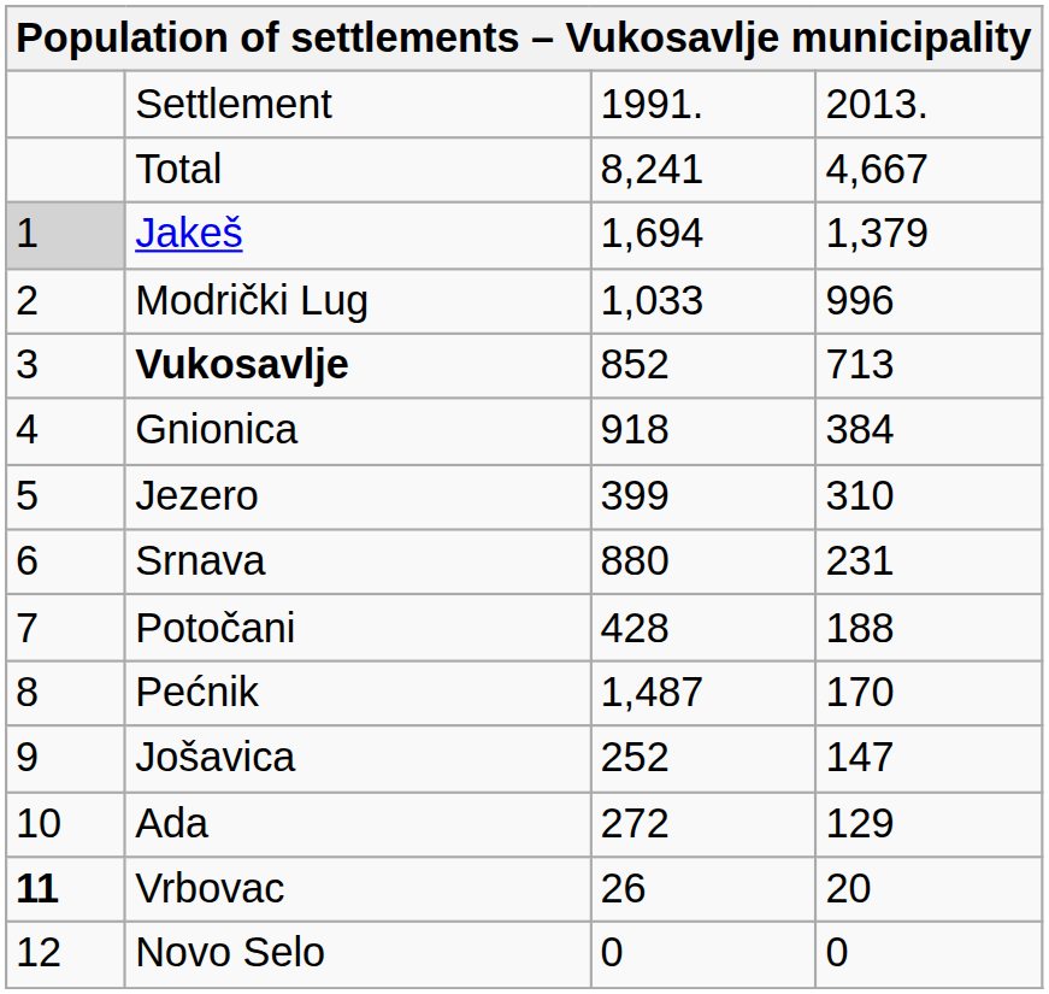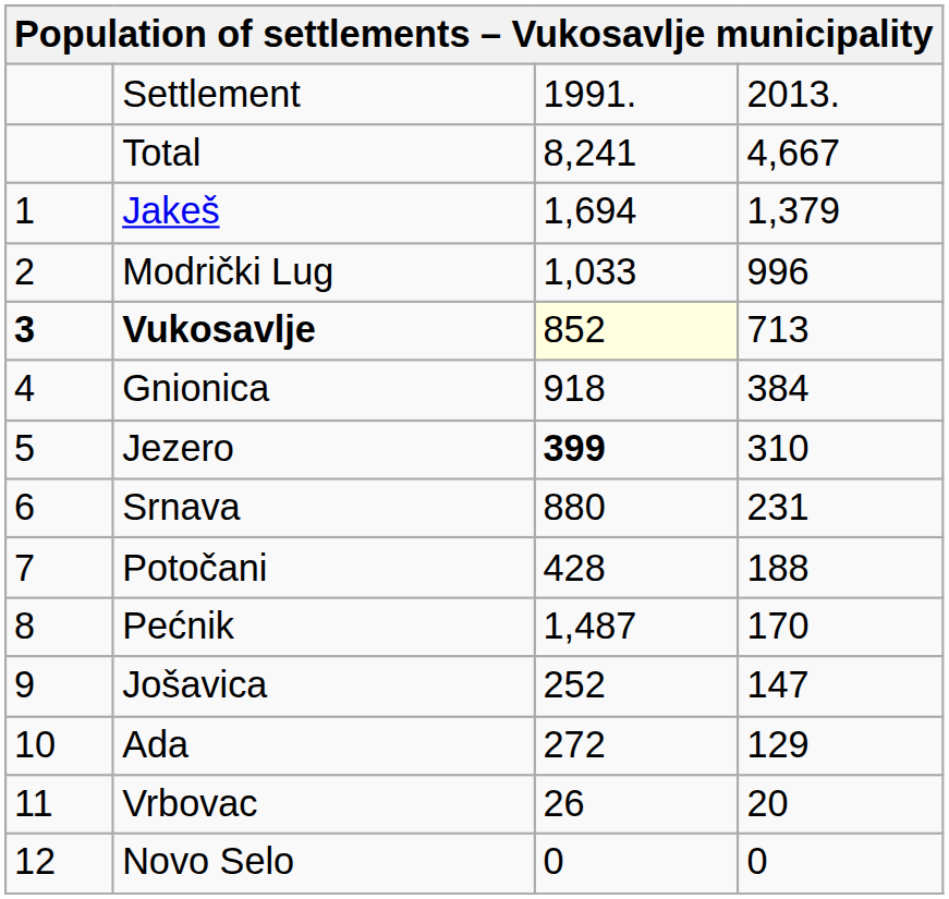 <table class="wikitable">
 <tr>
 <th colspan="4">Population of settlements – Vukosavlje municipality</th>
 </tr>
 <tr>
 <td></td>
 <td>Settlement</td>
 <td>1991.</td>
 <td>2013.</td>
 </tr>
 <tr>
 <td></td>
 <td>Total</td>
 <td>8,241</td>
 <td>4,667</td>
 </tr>
 <tr>
-<td style="background: lightgrey;">1</td>
+<td>1</td>
 <td><a href='#'>Jakeš</a></td>
 <td>1,694</td>
 <td>1,379</td>
 </tr>
 <tr>
 <td>2</td>
 <td>Modrički Lug</td>
 <td>1,033</td>
 <td>996</td>
 </tr>
 <tr>
-<td>3</td>
+<td><strong>3</strong></td>
 <td><strong>Vukosavlje</strong></td>
-<td>852</td>
+<td style="background: lightyellow;">852</td>
 <td>713</td>
 </tr>
 <tr>
 <td>4</td>
 <td>Gnionica</td>
 <td>918</td>
 <td>384</td>
 </tr>
 <tr>
 <td>5</td>
 <td>Jezero</td>
-<td>399</td>
+<td><strong>399</strong></td>
 <td>310</td>
 </tr>
 <tr>
 <td>6</td>
 <td>Srnava</td>
 <td>880</td>
 <td>231</td>
 </tr>
 <tr>
 <td>7</td>
 <td>Potočani</td>
 <td>428</td>
 <td>188</td>
 </tr>
 <tr>
 <td>8</td>
 <td>Pećnik</td>
 <td>1,487</td>
 <td>170</td>
 </tr>
 <tr>
 <td>9</td>
 <td>Jošavica</td>
 <td>252</td>
 <td>147</td>
 </tr>
 <tr>
 <td>10</td>
 <td>Ada</td>
 <td>272</td>
 <td>129</td>
 </tr>
 <tr>
-<td><strong>11</strong></td>
+<td>11</td>
 <td>Vrbovac</td>
 <td>26</td>
 <td>20</td>
 </tr>
 <tr>
 <td>12</td>
 <td>Novo Selo</td>
 <td>0</td>
 <td>0</td>
 </tr>
 <tr>
 </tr>
 </table>
